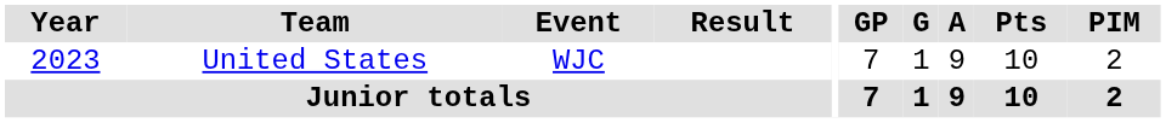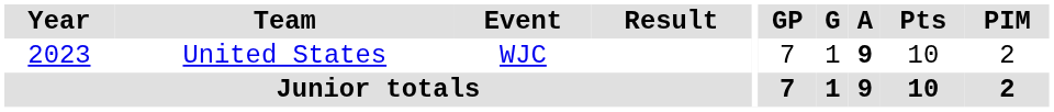 <table border="0" cellpadding="1" cellspacing="0" ID="Table3" style="text-align:center; width:40em;">
 <tr bgcolor="#e0e0e0">
 <th>Year</th>
 <th>Team</th>
 <th>Event</th>
 <th>Result</th>
 <th rowspan="98" bgcolor="#ffffff"></th>
 <th>GP</th>
 <th>G</th>
 <th>A</th>
 <th>Pts</th>
 <th>PIM</th>
 </tr>
 <tr>
 <td><a href='#'>2023</a></td>
 <td><a href='#'>United States</a></td>
 <td><a href='#'>WJC</a></td>
 <td></td>
 <td>7</td>
 <td>1</td>
-<td>9</td>
+<td><strong>9</strong></td>
 <td>10</td>
 <td>2</td>
 </tr>
 <tr bgcolor="#e0e0e0">
 <th colspan="4">Junior totals</th>
 <th>7</th>
 <th>1</th>
 <th>9</th>
 <th>10</th>
 <th>2</th>
 </tr>
 </table>
